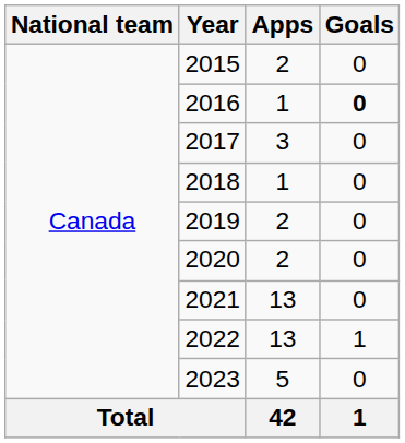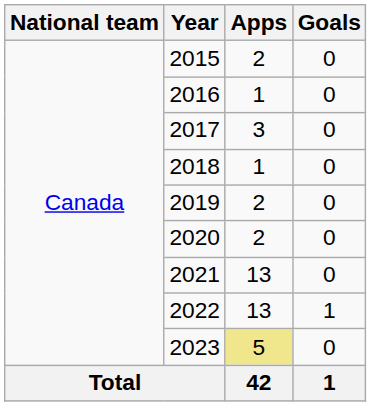 <table class="wikitable" style="text-align:center">
 <tr>
 <th>National team</th>
 <th>Year</th>
 <th>Apps</th>
 <th>Goals</th>
 </tr>
 <tr>
 <td rowspan="9"><a href='#'>Canada</a></td>
 <td>2015</td>
 <td>2</td>
 <td>0</td>
 </tr>
 <tr>
 <td>2016</td>
 <td>1</td>
-<td><strong>0</strong></td>
+<td>0</td>
 </tr>
 <tr>
 <td>2017</td>
 <td>3</td>
 <td>0</td>
 </tr>
 <tr>
 <td>2018</td>
 <td>1</td>
 <td>0</td>
 </tr>
 <tr>
 <td>2019</td>
 <td>2</td>
 <td>0</td>
 </tr>
 <tr>
 <td>2020</td>
 <td>2</td>
 <td>0</td>
 </tr>
 <tr>
 <td>2021</td>
 <td>13</td>
 <td>0</td>
 </tr>
 <tr>
 <td>2022</td>
 <td>13</td>
 <td>1</td>
 </tr>
 <tr>
 <td>2023</td>
-<td>5</td>
+<td style="background: khaki;">5</td>
 <td>0</td>
 </tr>
 <tr>
 <th colspan="2">Total</th>
 <th>42</th>
 <th>1</th>
 </tr>
 </table>
